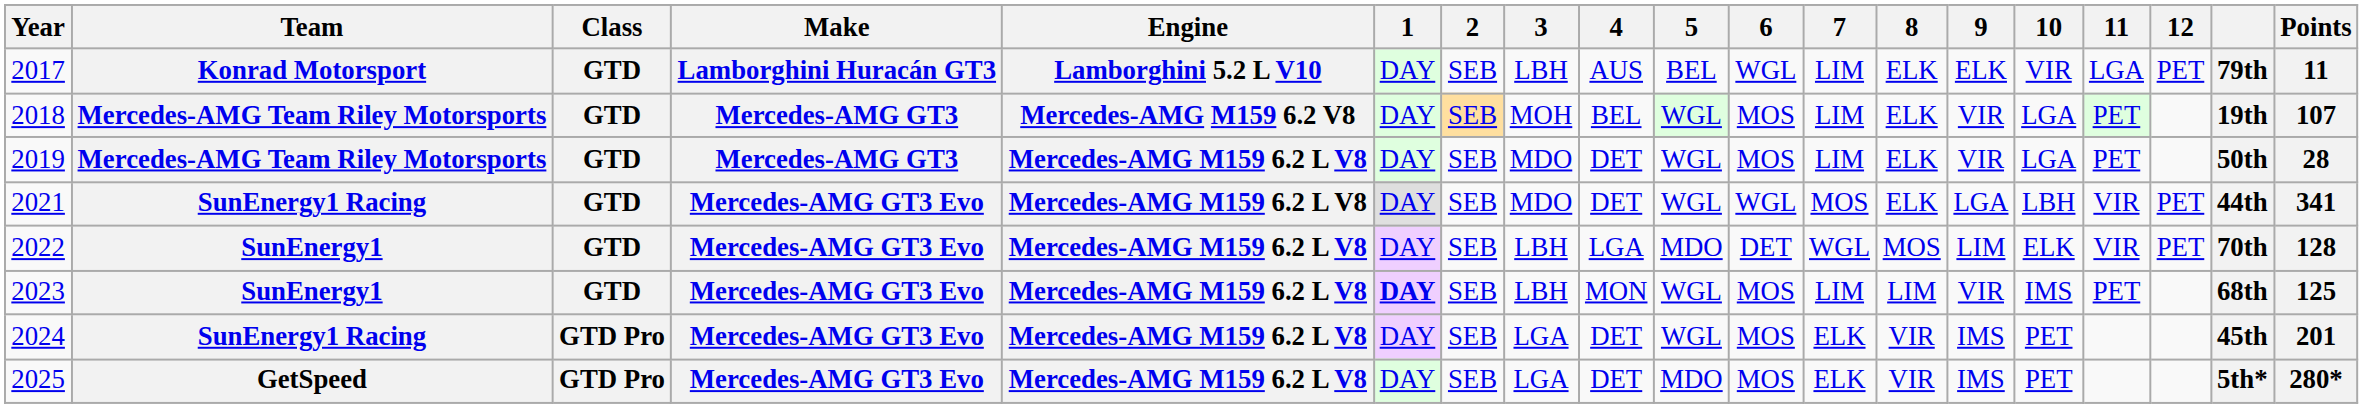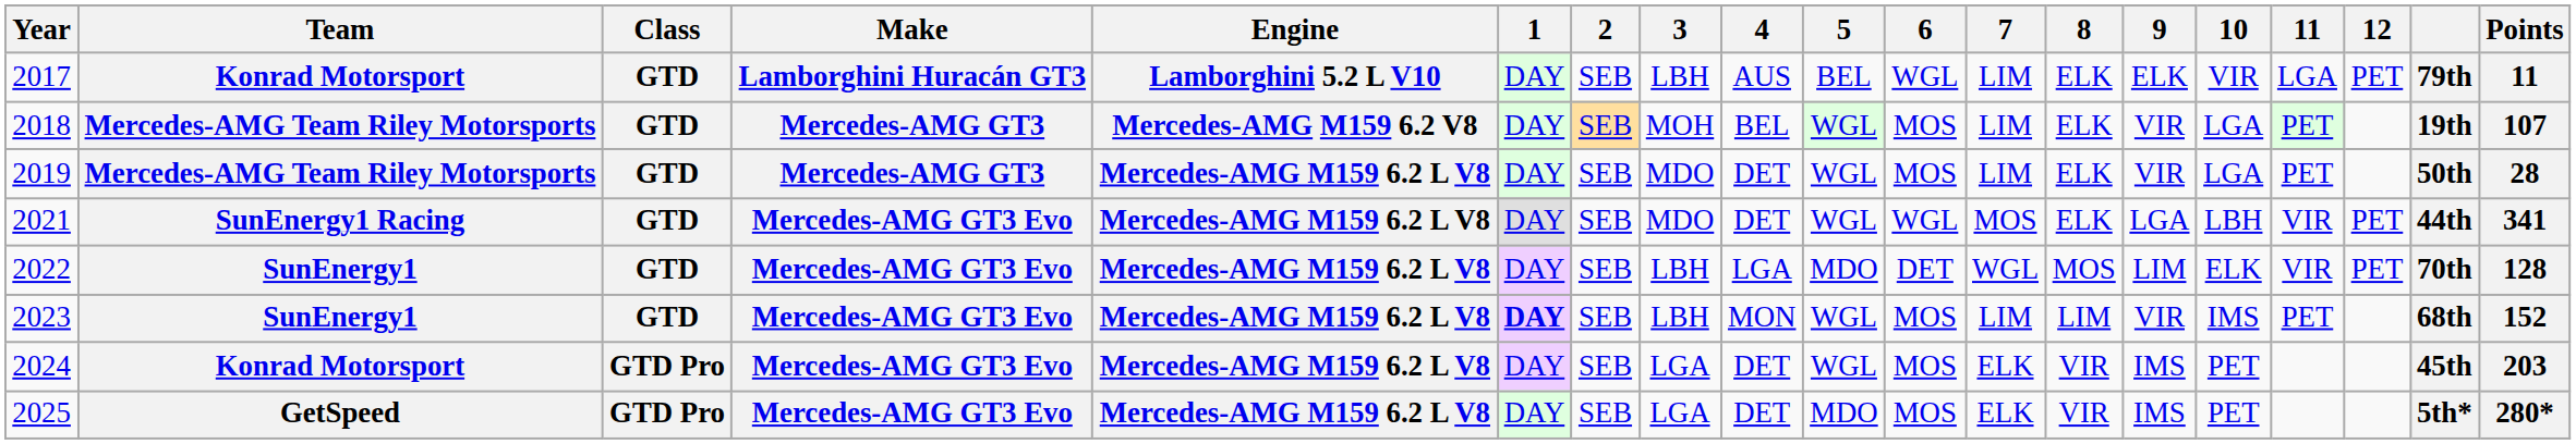 <table class="wikitable" style="text-align:center; font-size:85%">
 <tr>
 <th>Year</th>
 <th>Team</th>
 <th>Class</th>
 <th>Make</th>
 <th>Engine</th>
 <th>1</th>
 <th>2</th>
 <th>3</th>
 <th>4</th>
 <th>5</th>
 <th>6</th>
 <th>7</th>
 <th>8</th>
 <th>9</th>
 <th>10</th>
 <th>11</th>
 <th>12</th>
 <th></th>
 <th>Points</th>
 </tr>
 <tr>
 <td><a href='#'>2017</a></td>
 <th nowrap><a href='#'>Konrad Motorsport</a></th>
 <th>GTD</th>
 <th nowrap><a href='#'>Lamborghini Huracán GT3</a></th>
 <th nowrap><a href='#'>Lamborghini</a> 5.2 L <a href='#'>V10</a></th>
 <td style="background:#DFFFDF;"><a href='#'>DAY</a><br></td>
 <td><a href='#'>SEB</a></td>
 <td><a href='#'>LBH</a></td>
 <td><a href='#'>AUS</a></td>
 <td><a href='#'>BEL</a></td>
 <td><a href='#'>WGL</a></td>
 <td><a href='#'>LIM</a></td>
 <td><a href='#'>ELK</a></td>
 <td><a href='#'>ELK</a></td>
 <td><a href='#'>VIR</a></td>
 <td><a href='#'>LGA</a></td>
 <td><a href='#'>PET</a></td>
 <th>79th</th>
 <th>11</th>
 </tr>
 <tr>
 <td><a href='#'>2018</a></td>
 <th nowrap><a href='#'>Mercedes-AMG Team Riley Motorsports</a></th>
 <th>GTD</th>
 <th nowrap><a href='#'>Mercedes-AMG GT3</a></th>
 <th nowrap><a href='#'>Mercedes-AMG</a> <a href='#'>M159</a> 6.2 V8</th>
 <td style="background:#DFFFDF;"><a href='#'>DAY</a><br></td>
 <td style="background:#FFDF9F;"><a href='#'>SEB</a><br></td>
 <td><a href='#'>MOH</a></td>
 <td><a href='#'>BEL</a></td>
 <td style="background:#DFFFDF;"><a href='#'>WGL</a><br></td>
 <td><a href='#'>MOS</a></td>
 <td><a href='#'>LIM</a></td>
 <td><a href='#'>ELK</a></td>
 <td><a href='#'>VIR</a></td>
 <td><a href='#'>LGA</a></td>
 <td style="background:#DFFFDF;"><a href='#'>PET</a><br></td>
 <td></td>
 <th>19th</th>
 <th>107</th>
 </tr>
 <tr>
 <td><a href='#'>2019</a></td>
 <th nowrap><a href='#'>Mercedes-AMG Team Riley Motorsports</a></th>
 <th>GTD</th>
 <th nowrap><a href='#'>Mercedes-AMG GT3</a></th>
 <th nowrap><a href='#'>Mercedes-AMG M159</a> 6.2 L <a href='#'>V8</a></th>
 <td style="background:#DFFFDF;"><a href='#'>DAY</a><br></td>
 <td><a href='#'>SEB</a></td>
 <td><a href='#'>MDO</a></td>
 <td><a href='#'>DET</a></td>
 <td><a href='#'>WGL</a></td>
 <td><a href='#'>MOS</a></td>
 <td><a href='#'>LIM</a></td>
 <td><a href='#'>ELK</a></td>
 <td><a href='#'>VIR</a></td>
 <td><a href='#'>LGA</a></td>
 <td><a href='#'>PET</a></td>
 <td></td>
 <th>50th</th>
 <th>28</th>
 </tr>
 <tr>
 <td><a href='#'>2021</a></td>
 <th nowrap><a href='#'>SunEnergy1 Racing</a></th>
 <th>GTD</th>
 <th nowrap><a href='#'>Mercedes-AMG GT3 Evo</a></th>
 <th nowrap><a href='#'>Mercedes-AMG M159</a> 6.2 L V8</th>
 <td style="background:#DFDFDF;"><a href='#'>DAY</a><br></td>
 <td><a href='#'>SEB</a></td>
 <td><a href='#'>MDO</a></td>
 <td><a href='#'>DET</a></td>
 <td><a href='#'>WGL</a></td>
 <td><a href='#'>WGL</a></td>
 <td><a href='#'>MOS</a></td>
 <td><a href='#'>ELK</a></td>
 <td><a href='#'>LGA</a></td>
 <td><a href='#'>LBH</a></td>
 <td><a href='#'>VIR</a></td>
 <td><a href='#'>PET</a></td>
 <th>44th</th>
 <th>341</th>
 </tr>
 <tr>
 <td><a href='#'>2022</a></td>
 <th nowrap><a href='#'>SunEnergy1</a></th>
 <th>GTD</th>
 <th nowrap><a href='#'>Mercedes-AMG GT3 Evo</a></th>
 <th nowrap><a href='#'>Mercedes-AMG M159</a> 6.2 L <a href='#'>V8</a></th>
 <td style="background:#EFCFFF;"><a href='#'>DAY</a><br></td>
 <td style="background:#;”"><a href='#'>SEB</a><br></td>
 <td style="background:#;”"><a href='#'>LBH</a><br></td>
 <td style="background:#;”"><a href='#'>LGA</a><br></td>
 <td style="background:#;”"><a href='#'>MDO</a><br></td>
 <td style="background:#;”"><a href='#'>DET</a><br></td>
 <td style="background:#;”"><a href='#'>WGL</a><br></td>
 <td style="background:#;”"><a href='#'>MOS</a><br></td>
 <td style="background:#;”"><a href='#'>LIM</a></td>
 <td style="background:#;”"><a href='#'>ELK</a><br></td>
 <td style="background:#;”"><a href='#'>VIR</a><br></td>
 <td style="background:#;”"><a href='#'>PET</a><br></td>
 <th>70th</th>
 <th>128</th>
 </tr>
 <tr>
 <td><a href='#'>2023</a></td>
 <th nowrap><a href='#'>SunEnergy1</a></th>
 <th>GTD</th>
 <th nowrap><a href='#'>Mercedes-AMG GT3 Evo</a></th>
 <th nowrap><a href='#'>Mercedes-AMG M159</a> 6.2 L <a href='#'>V8</a></th>
 <td style="background:#EFCFFF;"><strong><a href='#'>DAY</a></strong><br></td>
 <td><a href='#'>SEB</a></td>
 <td><a href='#'>LBH</a></td>
 <td><a href='#'>MON</a></td>
 <td><a href='#'>WGL</a></td>
 <td><a href='#'>MOS</a></td>
 <td><a href='#'>LIM</a></td>
 <td><a href='#'>LIM</a></td>
 <td><a href='#'>VIR</a></td>
 <td><a href='#'>IMS</a></td>
 <td><a href='#'>PET</a></td>
 <td></td>
 <th>68th</th>
-<th>125</th>
+<th>152</th>
 </tr>
 <tr>
 <td><a href='#'>2024</a></td>
-<th nowrap><a href='#'>SunEnergy1 Racing</a></th>
+<th nowrap><a href='#'>Konrad Motorsport</a></th>
 <th nowrap>GTD Pro</th>
 <th nowrap><a href='#'>Mercedes-AMG GT3 Evo</a></th>
 <th nowrap><a href='#'>Mercedes-AMG M159</a> 6.2 L <a href='#'>V8</a></th>
 <td style="background:#EFCFFF;"><a href='#'>DAY</a><br></td>
 <td><a href='#'>SEB</a></td>
 <td><a href='#'>LGA</a></td>
 <td><a href='#'>DET</a></td>
 <td><a href='#'>WGL</a></td>
 <td><a href='#'>MOS</a></td>
 <td><a href='#'>ELK</a></td>
 <td><a href='#'>VIR</a></td>
 <td><a href='#'>IMS</a></td>
 <td><a href='#'>PET</a></td>
 <td></td>
 <td></td>
 <th>45th</th>
-<th>201</th>
+<th>203</th>
 </tr>
 <tr>
 <td><a href='#'>2025</a></td>
 <th>GetSpeed</th>
 <th>GTD Pro</th>
 <th><a href='#'>Mercedes-AMG GT3 Evo</a></th>
 <th><a href='#'>Mercedes-AMG M159</a> 6.2 L <a href='#'>V8</a></th>
 <td style="background:#DFFFDF;"><a href='#'>DAY</a><br></td>
 <td style="background:#;"><a href='#'>SEB</a><br></td>
 <td style="background:#;"><a href='#'>LGA</a><br></td>
 <td style="background:#;"><a href='#'>DET</a><br></td>
 <td style="background:#;”"><a href='#'>MDO</a><br></td>
 <td style="background:#;"><a href='#'>MOS</a><br></td>
 <td style="background:#;"><a href='#'>ELK</a><br></td>
 <td style="background:#;"><a href='#'>VIR</a><br></td>
 <td style="background:#;"><a href='#'>IMS</a><br></td>
 <td style="background:#;"><a href='#'>PET</a><br></td>
 <td></td>
 <td></td>
 <th>5th*</th>
 <th>280*</th>
 </tr>
 </table>
